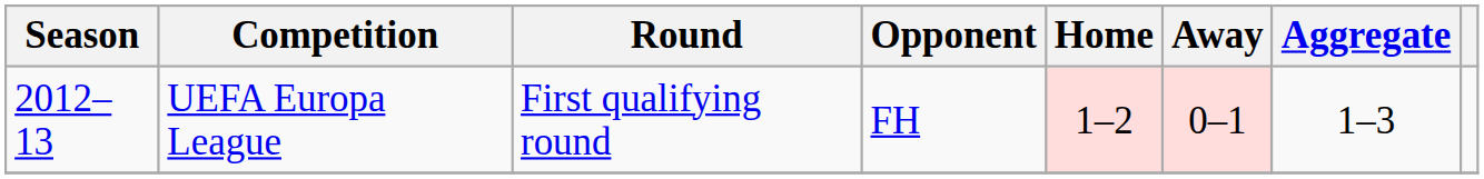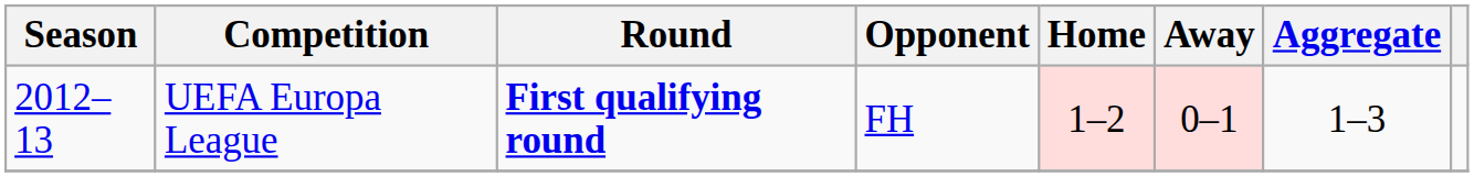 <table class="wikitable">
 <tr>
 <th>Season</th>
 <th>Competition</th>
 <th>Round</th>
 <th>Opponent</th>
 <th>Home</th>
 <th>Away</th>
 <th><a href='#'>Aggregate</a></th>
 <th></th>
 </tr>
 <tr>
 <td><a href='#'>2012–13</a></td>
 <td><a href='#'>UEFA Europa League</a></td>
-<td><a href='#'>First qualifying round</a></td>
+<td><strong><a href='#'>First qualifying round</a></strong></td>
 <td> <a href='#'>FH</a></td>
 <td bgcolor="#ffdddd" style="text-align:center;">1–2</td>
 <td bgcolor="#ffdddd" style="text-align:center;">0–1</td>
 <td style="text-align:center;">1–3</td>
 <td></td>
 </tr>
 <tr>
 </tr>
 </table>
